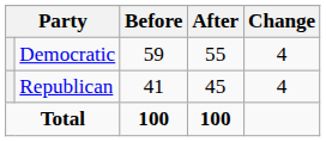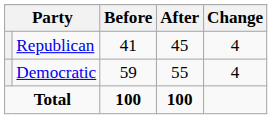 <table class="wikitable" style="text-align:center;">
 <tr>
 </tr>
 <tr>
 <th colspan=2>Party</th>
 <th>Before</th>
 <th>After</th>
 <th>Change</th>
 </tr>
 <tr>
 <th style="background-color:"></th>
-<td style="text-align:left;"><a href='#'>Democratic</a></td>
-<td>59</td>
-<td>55</td>
+<td style="text-align:left;"><a href='#'>Republican</a></td>
+<td>41</td>
+<td>45</td>
 <td> 4</td>
 </tr>
 <tr>
 <th style="background-color:"></th>
-<td style="text-align:left;"><a href='#'>Republican</a></td>
-<td>41</td>
-<td>45</td>
+<td style="text-align:left;"><a href='#'>Democratic</a></td>
+<td>59</td>
+<td>55</td>
 <td> 4</td>
 </tr>
 <tr>
 <td colspan=2><strong>Total</strong></td>
 <td><strong>100</strong></td>
 <td><strong>100</strong></td>
 <td></td>
 </tr>
 </table>
